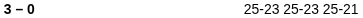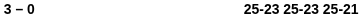 <table width=100% cellspacing=1>
 <tr>
 <th width=20%></th>
 <th width=12%></th>
 <th width=20%></th>
 <th width=33%></th>
 <td></td>
 </tr>
 <tr style=font-size:90%>
 <td align=right><strong></strong></td>
 <td align=center><strong>3 – 0</strong></td>
 <td></td>
-<td>25-23 25-23 25-21</td>
+<td><strong>25-23 25-23 25-21</strong></td>
 </tr>
 </table>
